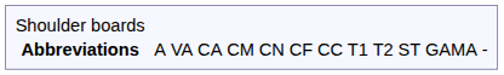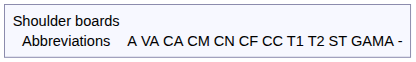 <table style="border:1px solid #8888aa; background-color:#f7f8ff; padding:5px; font-size:95%; margin: 0px 12px 12px 0px;">
 <tr style="text-align:center;">
 <td>Shoulder boards</td>
 <td colspan=2 rowspan=2></td>
 <td colspan=2></td>
 <td colspan=2></td>
 <td colspan=2></td>
 <td colspan=2></td>
 <td colspan=2></td>
 <td colspan=2></td>
 <td colspan=2></td>
 <td colspan=2></td>
 <td colspan=2></td>
 <td colspan=2></td>
 <td colspan=2></td>
 <td colspan=12></td>
 </tr>
 <tr style="text-align:center;">
-<td><strong>Abbreviations</strong></td>
+<td>Abbreviations</td>
 <td colspan=2>A</td>
 <td colspan=2>VA</td>
 <td colspan=2>CA</td>
 <td colspan=2>CM</td>
 <td colspan=2>CN</td>
 <td colspan=2>CF</td>
 <td colspan=2>CC</td>
 <td colspan=2>T1</td>
 <td colspan=2>T2</td>
 <td colspan=2>ST</td>
 <td colspan=2>GAMA</td>
 <td colspan=12>-</td>
 </tr>
 </table>
